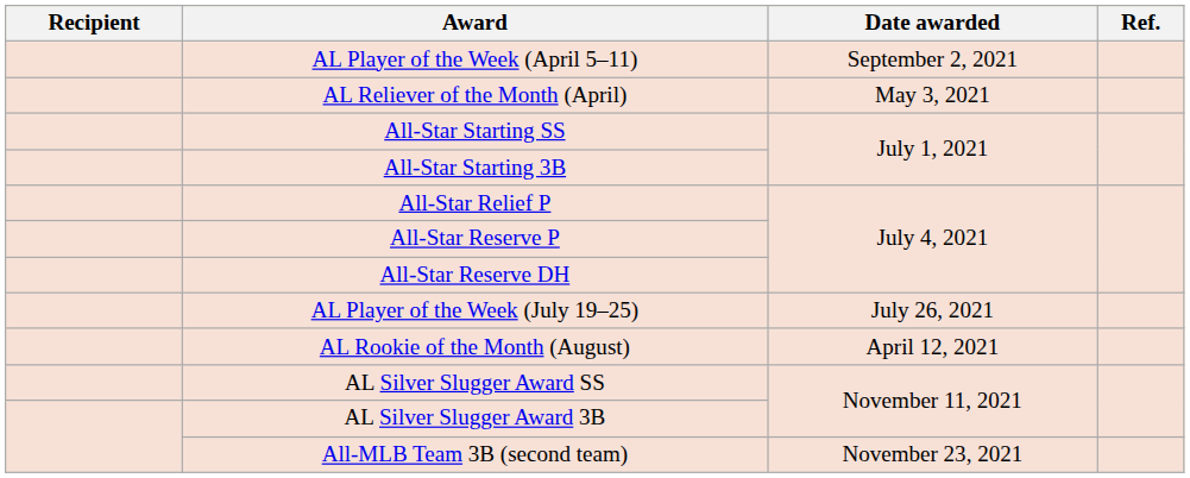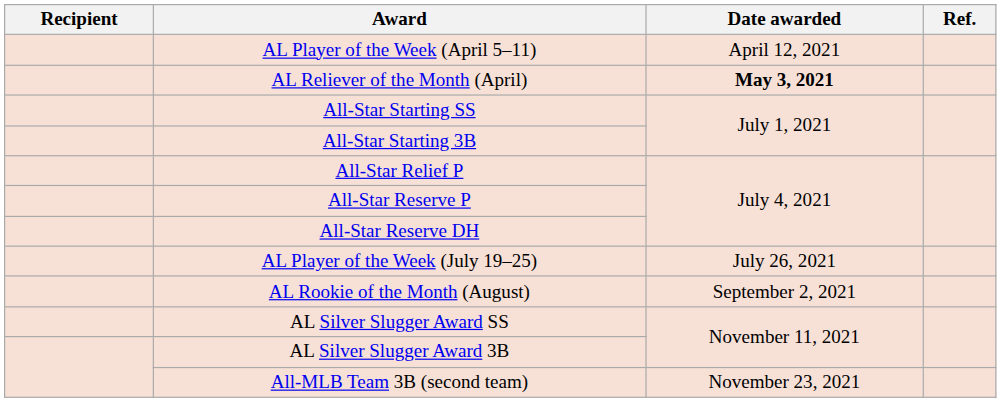 <table class="wikitable sortable" style="text-align:center; background:#f7e1d7; width: 66%;">
 <tr>
 <th>Recipient</th>
 <th>Award</th>
 <th>Date awarded</th>
 <th>Ref.</th>
 </tr>
 <tr>
 <td></td>
 <td><a href='#'>AL Player of the Week</a> (April 5–11)</td>
-<td>September 2, 2021</td>
+<td>April 12, 2021</td>
 <td></td>
 </tr>
 <tr>
 <td></td>
 <td><a href='#'>AL Reliever of the Month</a> (April)</td>
-<td>May 3, 2021</td>
+<td><strong>May 3, 2021</strong></td>
 <td></td>
 </tr>
 <tr>
 <td></td>
 <td><a href='#'>All-Star Starting SS</a></td>
 <td rowspan=2>July 1, 2021</td>
 <td rowspan=2></td>
 </tr>
 <tr>
 <td></td>
 <td><a href='#'>All-Star Starting 3B</a></td>
 </tr>
 <tr>
 <td></td>
 <td><a href='#'>All-Star Relief P</a></td>
 <td rowspan=3>July 4, 2021</td>
 <td rowspan=3></td>
 </tr>
 <tr>
 <td></td>
 <td><a href='#'>All-Star Reserve P</a></td>
 </tr>
 <tr>
 <td></td>
 <td><a href='#'>All-Star Reserve DH</a></td>
 </tr>
 <tr>
 <td></td>
 <td><a href='#'>AL Player of the Week</a> (July 19–25)</td>
 <td>July 26, 2021</td>
 <td></td>
 </tr>
 <tr>
 <td></td>
 <td><a href='#'>AL Rookie of the Month</a> (August)</td>
-<td>April 12, 2021</td>
+<td>September 2, 2021</td>
 <td></td>
 </tr>
 <tr>
 <td></td>
 <td>AL <a href='#'>Silver Slugger Award</a> SS</td>
 <td rowspan=2>November 11, 2021</td>
 <td rowspan=2></td>
 </tr>
 <tr>
 <td rowspan=2></td>
 <td>AL <a href='#'>Silver Slugger Award</a> 3B</td>
 </tr>
 <tr>
 <td><a href='#'>All-MLB Team</a> 3B (second team)</td>
 <td>November 23, 2021</td>
 <td></td>
 </tr>
 </table>
